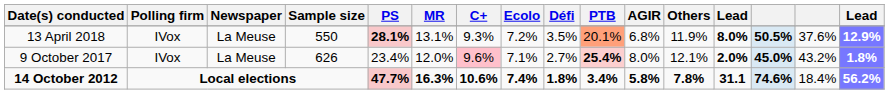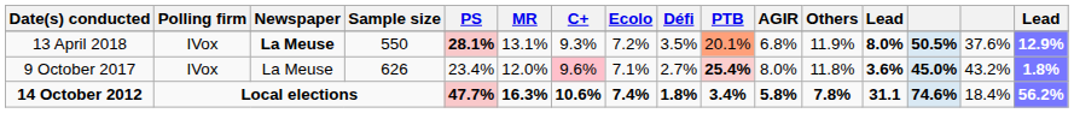 <table class="wikitable sortable" style="text-align:center; font-size:90%; line-height:16px;">
 <tr style="background-color:#E9E9E9">
 <th rowspan="1">Date(s) conducted</th>
 <th rowspan="1">Polling firm</th>
 <th rowspan="1">Newspaper</th>
 <th rowspan="1">Sample size</th>
 <th><a href='#'><span>PS</span></a></th>
 <th><a href='#'><span>MR</span></a></th>
 <th><a href='#'><span>C+</span></a></th>
 <th><a href='#'><span>Ecolo</span></a></th>
 <th><a href='#'><span>Défi</span></a></th>
 <th><a href='#'><span>PTB</span></a></th>
 <th AGIR><span>AGIR</span></th>
 <th rowspan="1">Others</th>
 <th rowspan="1">Lead</th>
 <th></th>
 <th></th>
 <th rowspan="1">Lead</th>
 </tr>
 <tr style="background:#EFEFEF; font-weight:bold;">
 </tr>
 <tr>
 <td>13 April 2018</td>
 <td>IVox</td>
-<td>La Meuse </td>
+<td><strong>La Meuse </strong></td>
 <td>550</td>
 <td style="background:#F9C8CA"><strong>28.1%</strong></td>
 <td>13.1%</td>
 <td>9.3%</td>
 <td>7.2%</td>
 <td>3.5%</td>
 <td style="background: lightsalmon;">20.1%</td>
 <td>6.8%</td>
 <td>11.9%</td>
 <td style="background:"><strong>8.0%</strong></td>
 <td style="background:#D9E9F4"><strong>50.5%</strong></td>
 <td>37.6%</td>
 <td style="background:#7777FF;color:white;"><strong>12.9%</strong></td>
 </tr>
 <tr>
 <td>9 October 2017</td>
 <td>IVox</td>
 <td>La Meuse </td>
 <td>626</td>
 <td>23.4%</td>
 <td>12.0%</td>
 <td style="background: pink;">9.6%</td>
 <td>7.1%</td>
 <td>2.7%</td>
 <td style="background:#FCCFCF"><strong>25.4%</strong></td>
 <td>8.0%</td>
-<td>12.1%</td>
-<td style="background:"><strong>2.0%</strong></td>
+<td>11.8%</td>
+<td style="background:"><strong>3.6%</strong></td>
 <td style="background:#D9E9F4"><strong>45.0%</strong></td>
 <td>43.2%</td>
 <td style="background:#7777FF;color:white;"><strong>1.8%</strong></td>
 </tr>
 <tr>
 <td><strong>14 October 2012</strong></td>
 <td colspan="3"><strong>Local elections</strong></td>
 <td style="background:#F9C8CA"><strong>47.7%</strong></td>
 <td><strong>16.3%</strong></td>
 <td><strong>10.6%</strong></td>
 <td><strong>7.4%</strong></td>
 <td><strong>1.8%</strong></td>
 <td><strong>3.4%</strong></td>
 <td><strong>5.8%</strong></td>
 <td><strong>7.8%</strong></td>
 <td style="background:"><strong>31.1</strong></td>
 <td style="background:#D9E9F4"><strong>74.6%</strong></td>
 <td>18.4%</td>
 <td style="background:#7777FF;color:white;"><strong>56.2%</strong></td>
 </tr>
 </table>
